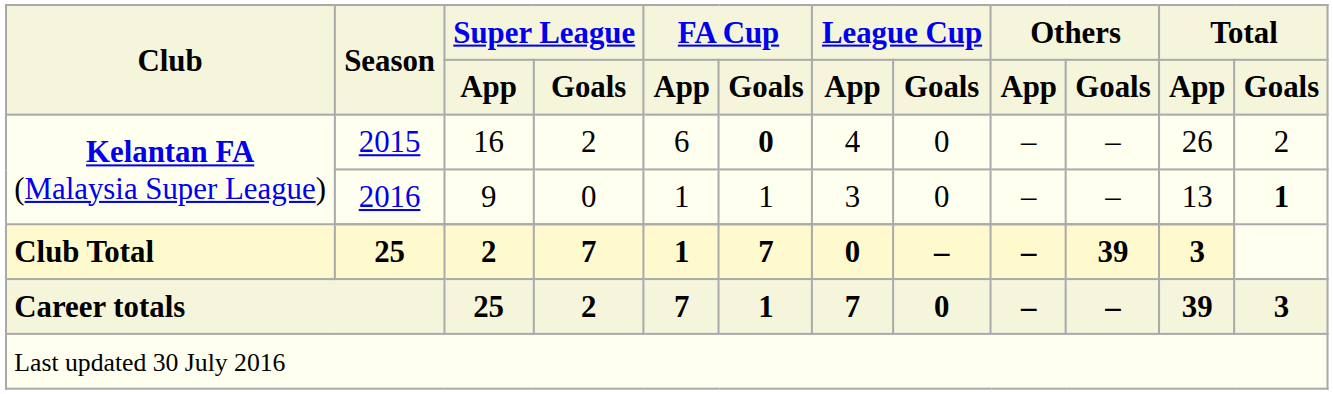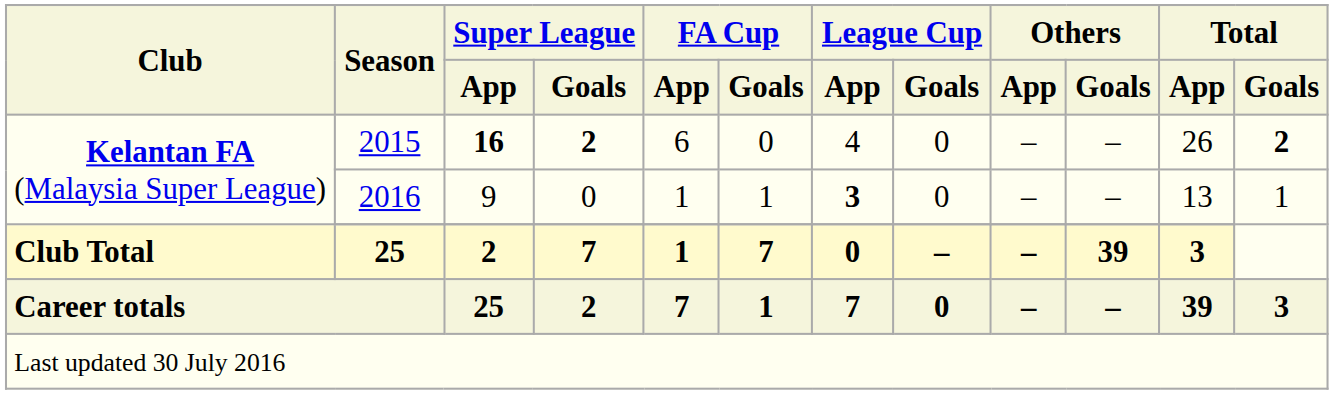 <table border=1 align=center cellpadding=4 cellspacing=2 style="background: ivory; font-size: 95%; border: 1px #aaaaaa solid; border-collapse: collapse; clear:center">
 <tr style="background:beige">
 <th rowspan="2">Club</th>
 <th rowspan="2">Season</th>
 <th colspan="2"><a href='#'>Super League</a></th>
 <th colspan="2"><a href='#'>FA Cup</a></th>
 <th colspan="2"><a href='#'>League Cup</a></th>
 <th colspan="2">Others</th>
 <th colspan="2">Total</th>
 </tr>
 <tr style="background:beige">
 <th>App</th>
 <th>Goals</th>
 <th>App</th>
 <th>Goals</th>
 <th>App</th>
 <th>Goals</th>
 <th>App</th>
 <th>Goals</th>
 <th>App</th>
 <th>Goals</th>
 </tr>
 <tr>
 <td rowspan="3" align=center valign=center><strong><a href='#'>Kelantan FA</a></strong><br>(<a href='#'>Malaysia Super League</a>)</td>
 <td align="center"><a href='#'>2015</a></td>
-<td align="center">16</td>
-<td align="center">2</td>
+<td align="center"><strong>16</strong></td>
+<td align="center"><strong>2</strong></td>
 <td align="center">6</td>
-<td align="center"><strong>0</strong></td>
+<td align="center">0</td>
 <td align="center">4</td>
 <td align="center">0</td>
 <td align="center">–</td>
 <td align="center">–</td>
 <td align="center">26</td>
-<td align="center">2</td>
+<td align="center"><strong>2</strong></td>
 </tr>
 <tr>
 <td align="center"><a href='#'>2016</a></td>
 <td align="center">9</td>
 <td align="center">0</td>
 <td align="center">1</td>
 <td align="center">1</td>
-<td align="center">3</td>
+<td align="center"><strong>3</strong></td>
 <td align="center">0</td>
 <td align="center">–</td>
 <td align="center">–</td>
 <td align="center">13</td>
-<td align="center"><strong>1</strong></td>
+<td align="center">1</td>
 </tr>
 <tr>
 </tr>
 <tr style="background:lemonchiffon">
 <th colspan="1" align="left">Club Total</th>
 <th>25</th>
 <th>2</th>
 <th>7</th>
 <th>1</th>
 <th>7</th>
 <th>0</th>
 <th>–</th>
 <th>–</th>
 <th>39</th>
 <th>3</th>
 </tr>
 <tr>
 <th style="background:beige" colspan="2" align="left">Career totals</th>
 <th align=center style="background:beige">25</th>
 <th align=center style="background:beige">2</th>
 <th align=center style="background:beige">7</th>
 <th align=center style="background:beige">1</th>
 <th align=center style="background:beige">7</th>
 <th align=center style="background:beige">0</th>
 <th align=center style="background:beige">–</th>
 <th align=center style="background:beige">–</th>
 <th align=center style="background:beige">39</th>
 <th align=center style="background:beige">3</th>
 </tr>
 <tr>
 <td colspan="12"><small>Last updated 30 July 2016</small></td>
 </tr>
 </table>
